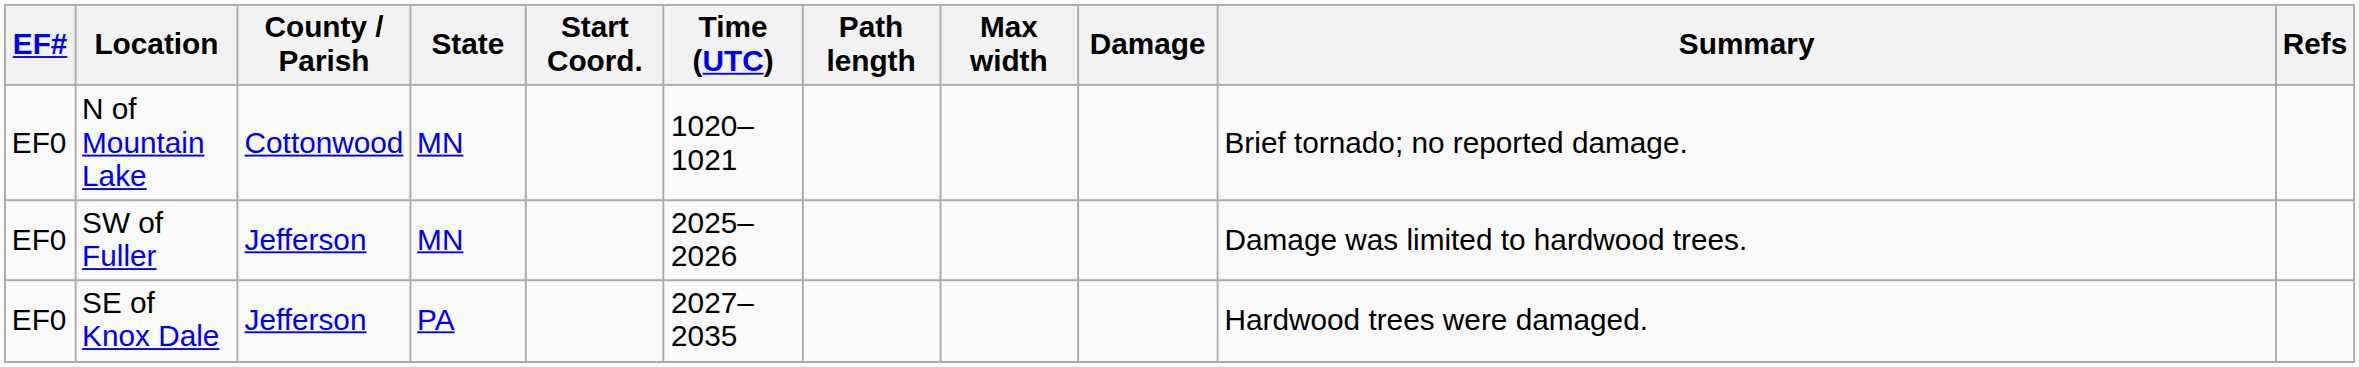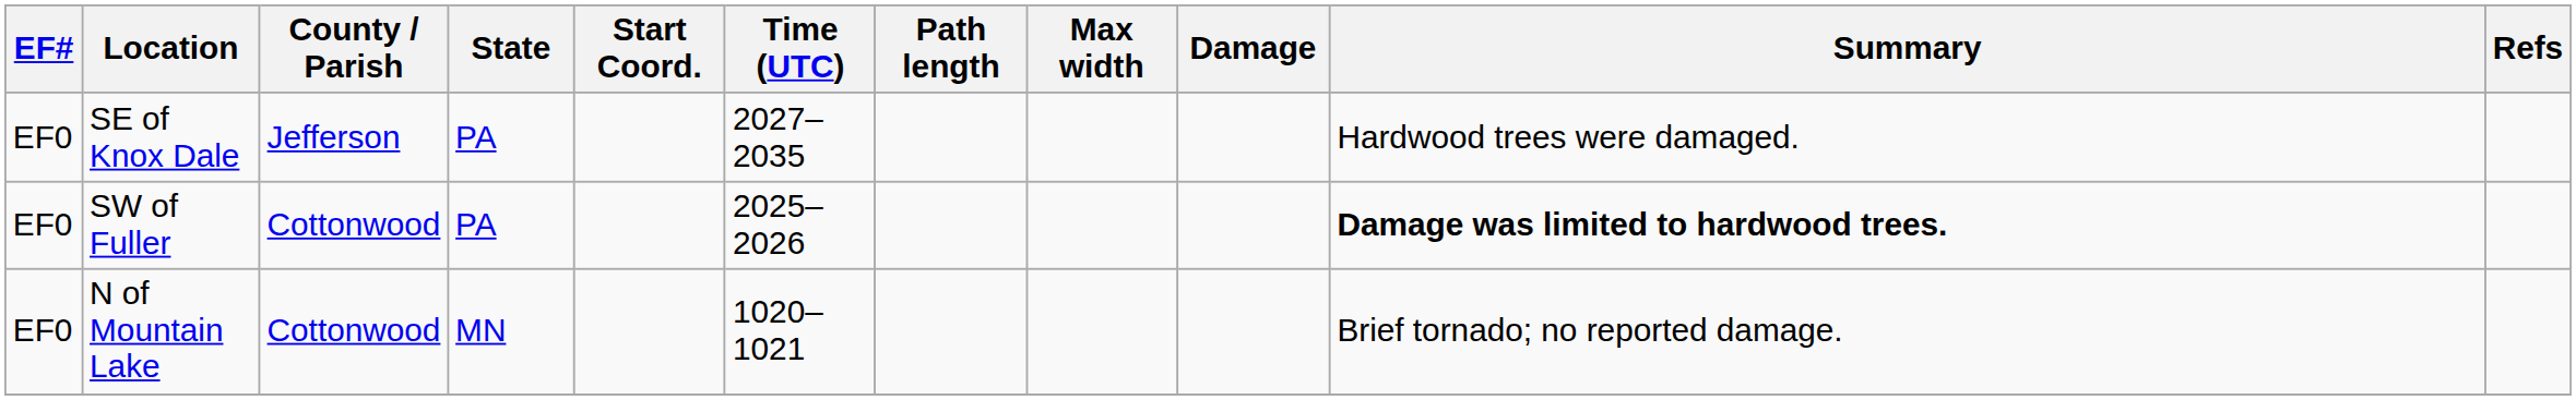 <table class="wikitable sortable" style="width:100%;">
 <tr>
 <th scope="col" width="3%" align="center"><a href='#'>EF#</a></th>
 <th scope="col" width="7%" align="center" class="unsortable">Location</th>
 <th scope="col" width="6%" align="center" class="unsortable">County / Parish</th>
 <th scope="col" width="5%" align="center">State</th>
 <th scope="col" width="6%" align="center">Start Coord.</th>
 <th scope="col" width="6%" align="center">Time (<a href='#'>UTC</a>)</th>
 <th scope="col" width="6%" align="center">Path length</th>
 <th scope="col" width="6%" align="center">Max width</th>
 <th scope="col" width="6%" align="center">Damage</th>
 <th scope="col" width="48%" class="unsortable" align="center">Summary</th>
 <th scope="col" width="48%" class="unsortable" align="center">Refs</th>
 </tr>
 <tr>
 <td>EF0</td>
+<td>SE of <a href='#'>Knox Dale</a></td>
+<td><a href='#'>Jefferson</a></td>
+<td><a href='#'>PA</a></td>
+<td></td>
+<td>2027–2035</td>
+<td></td>
+<td></td>
+<td></td>
+<td>Hardwood trees were damaged.</td>
+<td></td>
+</tr>
+<tr>
+<td>EF0</td>
+<td>SW of <a href='#'>Fuller</a></td>
+<td><a href='#'>Cottonwood</a></td>
+<td><a href='#'>PA</a></td>
+<td></td>
+<td>2025–2026</td>
+<td></td>
+<td></td>
+<td></td>
+<td><strong>Damage was limited to hardwood trees.</strong></td>
+<td></td>
+</tr>
+<tr>
+<td>EF0</td>
 <td>N of <a href='#'>Mountain Lake</a></td>
 <td><a href='#'>Cottonwood</a></td>
 <td><a href='#'>MN</a></td>
 <td></td>
 <td>1020–1021</td>
 <td></td>
 <td></td>
 <td></td>
 <td>Brief tornado; no reported damage.</td>
 <td></td>
 </tr>
 <tr>
-<td>EF0</td>
-<td>SW of <a href='#'>Fuller</a></td>
-<td><a href='#'>Jefferson</a></td>
-<td><a href='#'>MN</a></td>
-<td></td>
-<td>2025–2026</td>
-<td></td>
-<td></td>
-<td></td>
-<td>Damage was limited to hardwood trees.</td>
-<td></td>
-</tr>
-<tr>
-<td>EF0</td>
-<td>SE of <a href='#'>Knox Dale</a></td>
-<td><a href='#'>Jefferson</a></td>
-<td><a href='#'>PA</a></td>
-<td></td>
-<td>2027–2035</td>
-<td></td>
-<td></td>
-<td></td>
-<td>Hardwood trees were damaged.</td>
-<td></td>
-</tr>
-<tr>
 </tr>
 </table>
